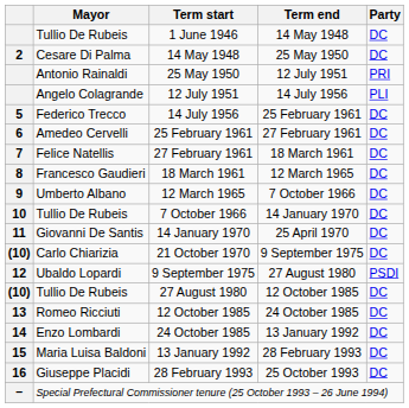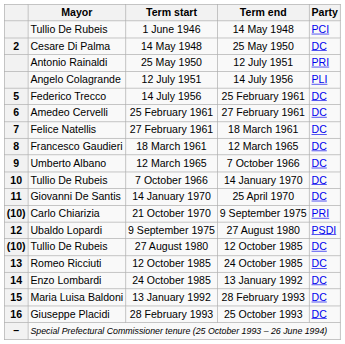 <table class="wikitable">
 <tr>
 <th class=unsortable> </th>
 <th>Mayor</th>
 <th>Term start</th>
 <th>Term end</th>
 <th>Party</th>
 </tr>
 <tr>
 <th style="background:"></th>
 <td>Tullio De Rubeis</td>
 <td align=center>1 June 1946</td>
 <td align=center>14 May 1948</td>
-<td><a href='#'>DC</a></td>
+<td><a href='#'>PCI</a></td>
 </tr>
 <tr>
 <th style="background:">2</th>
 <td>Cesare Di Palma</td>
 <td align=center>14 May 1948</td>
 <td align=center>25 May 1950</td>
 <td><a href='#'>DC</a></td>
 </tr>
 <tr>
 <th style="background:"></th>
 <td>Antonio Rainaldi</td>
 <td align=center>25 May 1950</td>
 <td align=center>12 July 1951</td>
 <td><a href='#'>PRI</a></td>
 </tr>
 <tr>
 <th style="background:"></th>
 <td>Angelo Colagrande</td>
 <td align=center>12 July 1951</td>
 <td align=center>14 July 1956</td>
 <td><a href='#'>PLI</a></td>
 </tr>
 <tr>
 <th style="background:">5</th>
 <td>Federico Trecco</td>
 <td align=center>14 July 1956</td>
 <td align=center>25 February 1961</td>
 <td><a href='#'>DC</a></td>
 </tr>
 <tr>
 <th style="background:">6</th>
 <td>Amedeo Cervelli</td>
 <td align=center>25 February 1961</td>
 <td align=center>27 February 1961</td>
 <td><a href='#'>DC</a></td>
 </tr>
 <tr>
 <th style="background:">7</th>
 <td>Felice Natellis</td>
 <td align=center>27 February 1961</td>
 <td align=center>18 March 1961</td>
 <td><a href='#'>DC</a></td>
 </tr>
 <tr>
 <th style="background:">8</th>
 <td>Francesco Gaudieri</td>
 <td align=center>18 March 1961</td>
 <td align=center>12 March 1965</td>
 <td><a href='#'>DC</a></td>
 </tr>
 <tr>
 <th style="background:">9</th>
 <td>Umberto Albano</td>
 <td align=center>12 March 1965</td>
 <td align=center>7 October 1966</td>
 <td><a href='#'>DC</a></td>
 </tr>
 <tr>
 <th style="background:">10</th>
 <td>Tullio De Rubeis</td>
 <td align=center>7 October 1966</td>
 <td align=center>14 January 1970</td>
 <td><a href='#'>DC</a></td>
 </tr>
 <tr>
 <th style="background:">11</th>
 <td>Giovanni De Santis</td>
 <td align=center>14 January 1970</td>
 <td align=center>25 April 1970</td>
 <td><a href='#'>DC</a></td>
 </tr>
 <tr>
 <th style="background:">(10)</th>
 <td>Carlo Chiarizia</td>
 <td align=center>21 October 1970</td>
 <td align=center>9 September 1975</td>
-<td><a href='#'>DC</a></td>
+<td><a href='#'>PRI</a></td>
 </tr>
 <tr>
 <th style="background:">12</th>
 <td>Ubaldo Lopardi</td>
 <td align=center>9 September 1975</td>
 <td align=center>27 August 1980</td>
 <td><a href='#'>PSDI</a></td>
 </tr>
 <tr>
 <th style="background:">(10)</th>
 <td>Tullio De Rubeis</td>
 <td align=center>27 August 1980</td>
 <td align=center>12 October 1985</td>
 <td><a href='#'>DC</a></td>
 </tr>
 <tr>
 <th style="background:">13</th>
 <td>Romeo Ricciuti</td>
 <td align=center>12 October 1985</td>
 <td align=center>24 October 1985</td>
 <td><a href='#'>DC</a></td>
 </tr>
 <tr>
 <th style="background:">14</th>
 <td>Enzo Lombardi</td>
 <td align=center>24 October 1985</td>
 <td align=center>13 January 1992</td>
 <td><a href='#'>DC</a></td>
 </tr>
 <tr>
 <th style="background:">15</th>
 <td>Maria Luisa Baldoni</td>
 <td align=center>13 January 1992</td>
 <td align=center>28 February 1993</td>
 <td><a href='#'>DC</a></td>
 </tr>
 <tr>
 <th style="background:">16</th>
 <td>Giuseppe Placidi</td>
 <td align=center>28 February 1993</td>
 <td align=center>25 October 1993</td>
 <td><a href='#'>DC</a></td>
 </tr>
 <tr>
 <th>–</th>
 <td colspan=4><small><em>Special Prefectural Commissioner tenure (25 October 1993 – 26 June 1994)</em></small></td>
 </tr>
 </table>
